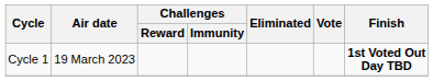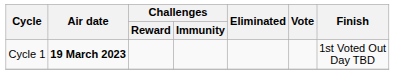 <table class="wikitable" style="margin:auto; text-align:center">
 <tr>
 <th rowspan="2">Cycle</th>
 <th rowspan="2">Air date</th>
 <th colspan="2">Challenges</th>
 <th rowspan="2">Eliminated</th>
 <th rowspan="2">Vote</th>
 <th rowspan="2">Finish</th>
 </tr>
 <tr>
 <th>Reward</th>
 <th>Immunity</th>
 </tr>
 <tr>
 <td>Cycle 1</td>
-<td>19 March 2023</td>
+<td><strong>19 March 2023</strong></td>
 <td bgcolor=""></td>
 <td bgcolor=""></td>
 <td bgcolor=""></td>
 <td></td>
-<td><strong>1st Voted Out<br>Day TBD</strong></td>
+<td>1st Voted Out<br>Day TBD</td>
 </tr>
 <tr>
 </tr>
 </table>
